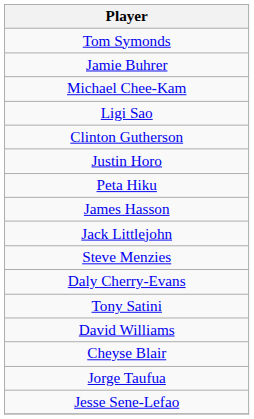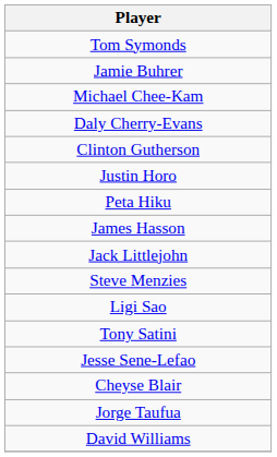 <table class="wikitable" style="text-align: center;">
 <tr>
 <th style="width:250px;">Player</th>
 </tr>
 <tr>
 <td><a href='#'>Tom Symonds</a></td>
 </tr>
 <tr>
 <td><a href='#'>Jamie Buhrer</a></td>
 </tr>
 <tr>
 <td><a href='#'>Michael Chee-Kam</a></td>
 </tr>
 <tr>
-<td><a href='#'>Ligi Sao</a></td>
+<td><a href='#'>Daly Cherry-Evans</a></td>
 </tr>
 <tr>
 <td><a href='#'>Clinton Gutherson</a></td>
 </tr>
 <tr>
 <td><a href='#'>Justin Horo</a></td>
 </tr>
 <tr>
 <td><a href='#'>Peta Hiku</a></td>
 </tr>
 <tr>
 <td><a href='#'>James Hasson</a></td>
 </tr>
 <tr>
 <td><a href='#'>Jack Littlejohn</a></td>
 </tr>
 <tr>
 <td><a href='#'>Steve Menzies</a></td>
 </tr>
 <tr>
-<td><a href='#'>Daly Cherry-Evans</a></td>
+<td><a href='#'>Ligi Sao</a></td>
 </tr>
 <tr>
 <td><a href='#'>Tony Satini</a></td>
 </tr>
 <tr>
-<td><a href='#'>David Williams</a></td>
+<td><a href='#'>Jesse Sene-Lefao</a></td>
 </tr>
 <tr>
 <td><a href='#'>Cheyse Blair</a></td>
 </tr>
 <tr>
 <td><a href='#'>Jorge Taufua</a></td>
 </tr>
 <tr>
-<td><a href='#'>Jesse Sene-Lefao</a></td>
+<td><a href='#'>David Williams</a></td>
 </tr>
 <tr>
 </tr>
 </table>
